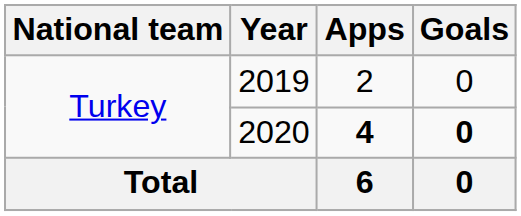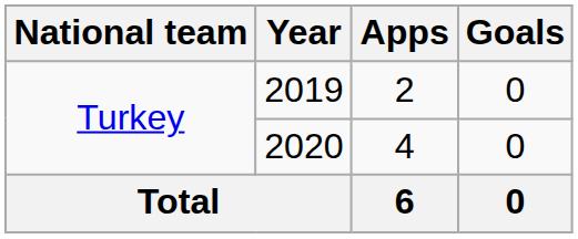 <table class=wikitable style=text-align:center>
 <tr>
 <th>National team</th>
 <th>Year</th>
 <th>Apps</th>
 <th>Goals</th>
 </tr>
 <tr>
 <td rowspan="2"><a href='#'>Turkey</a></td>
 <td>2019</td>
 <td>2</td>
 <td>0</td>
 </tr>
 <tr>
 <td>2020</td>
-<td><strong>4</strong></td>
-<td><strong>0</strong></td>
+<td>4</td>
+<td>0</td>
 </tr>
 <tr>
 <th colspan="2">Total</th>
 <th>6</th>
 <th>0</th>
 </tr>
 </table>
